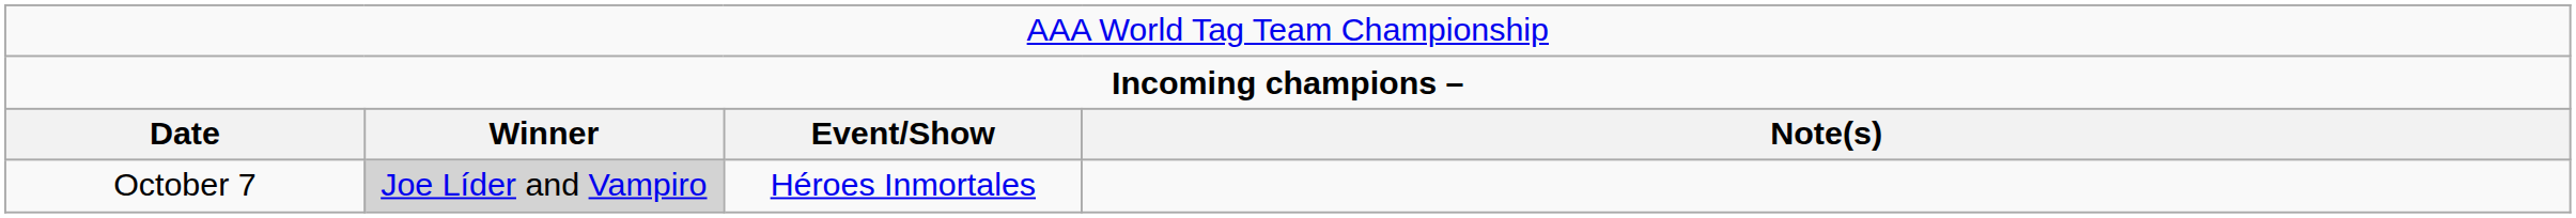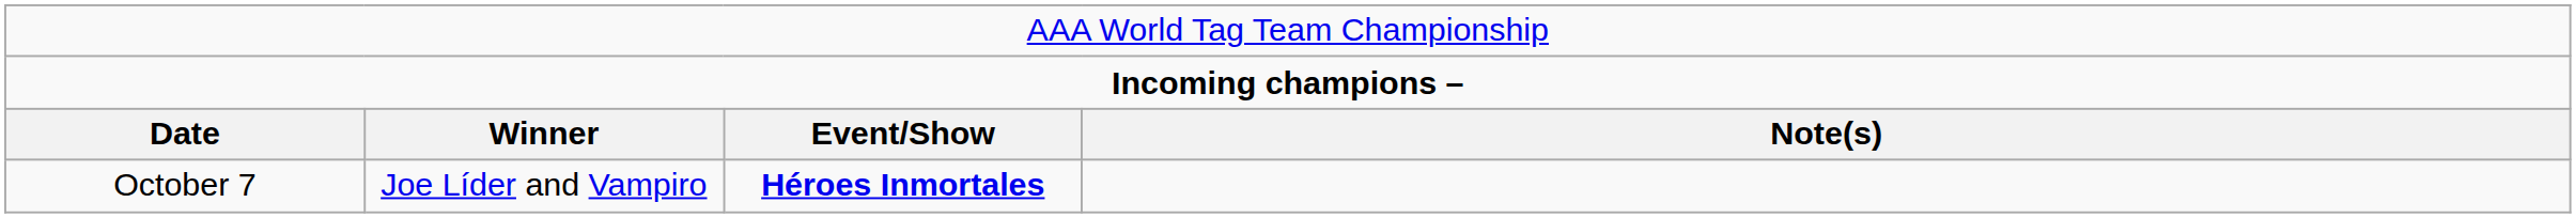 <table class="wikitable" style="text-align:center; width:100%;">
 <tr>
 <td colspan="5"><a href='#'>AAA World Tag Team Championship</a></td>
 </tr>
 <tr>
 <td colspan="5"><strong>Incoming champions – </strong></td>
 </tr>
 <tr>
 <th width="14%">Date</th>
 <th width="14%">Winner</th>
 <th width="14%">Event/Show</th>
 <th width="58%">Note(s)</th>
 </tr>
 <tr>
 <td>October 7</td>
-<td style="background: lightgrey;"><a href='#'>Joe Líder</a> and <a href='#'>Vampiro</a></td>
-<td><a href='#'>Héroes Inmortales</a></td>
+<td><a href='#'>Joe Líder</a> and <a href='#'>Vampiro</a></td>
+<td><strong><a href='#'>Héroes Inmortales</a></strong></td>
 <td align="left"></td>
 </tr>
 </table>
